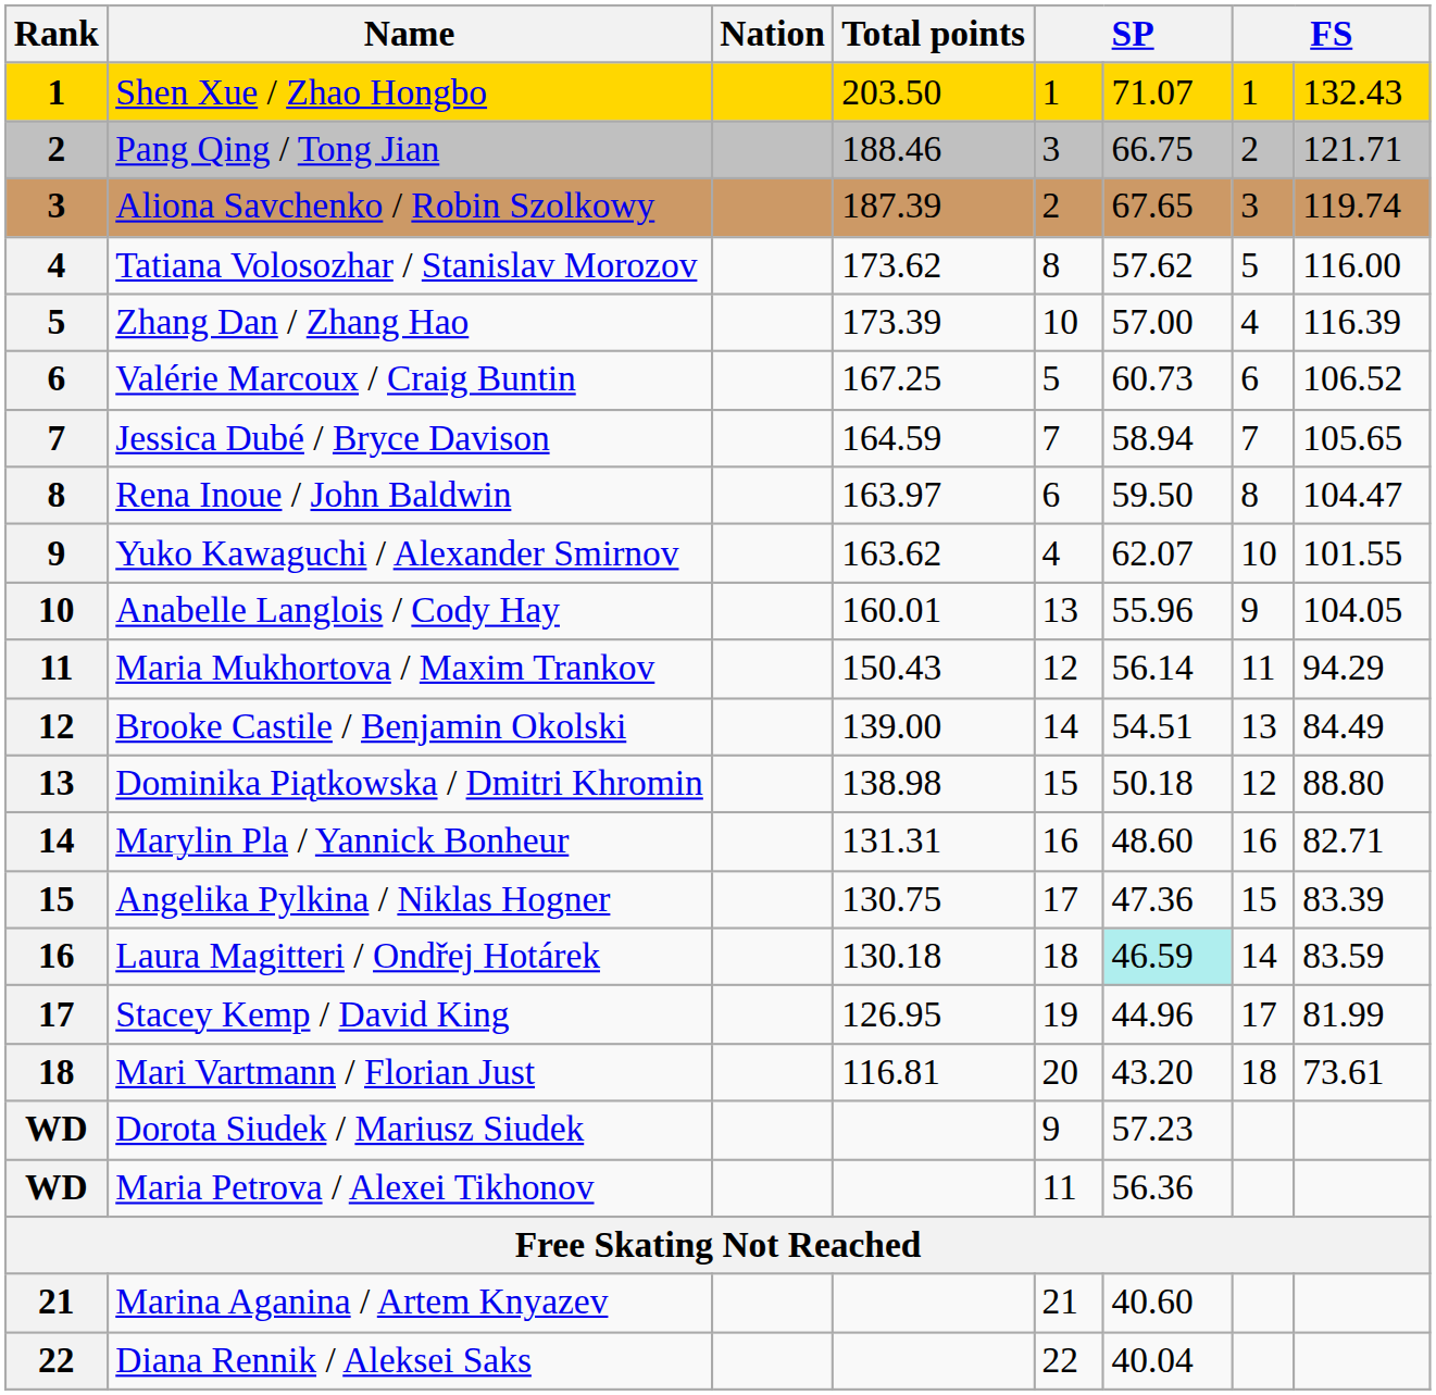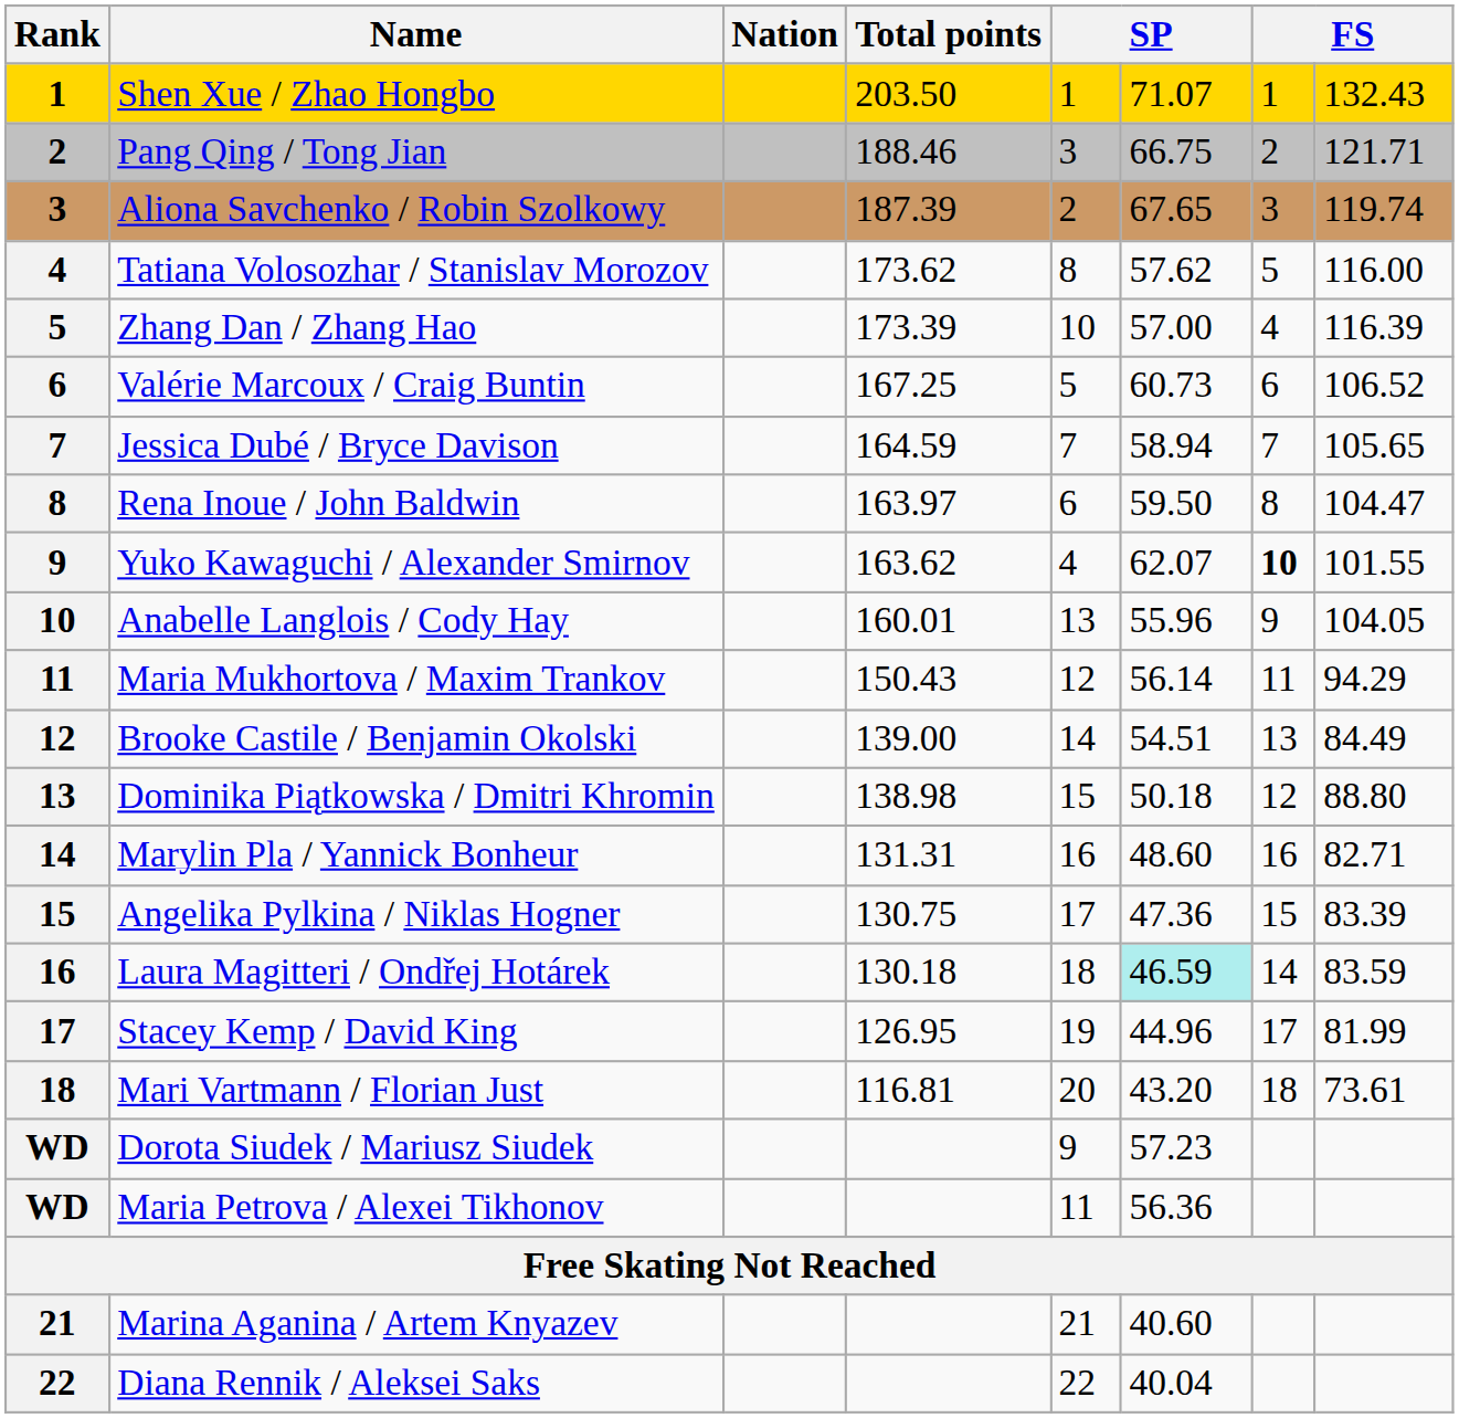 <table class="wikitable">
 <tr>
 <th>Rank</th>
 <th>Name</th>
 <th>Nation</th>
 <th>Total points</th>
 <th colspan="2" width="80px"><a href='#'>SP</a></th>
 <th colspan="2" width="80px"><a href='#'>FS</a></th>
 </tr>
 <tr bgcolor=gold>
 <td align=center><strong>1</strong></td>
 <td><a href='#'>Shen Xue</a> / <a href='#'>Zhao Hongbo</a></td>
 <td></td>
 <td>203.50</td>
 <td>1</td>
 <td>71.07</td>
 <td>1</td>
 <td>132.43</td>
 </tr>
 <tr bgcolor=silver>
 <td align=center><strong>2</strong></td>
 <td><a href='#'>Pang Qing</a> / <a href='#'>Tong Jian</a></td>
 <td></td>
 <td>188.46</td>
 <td>3</td>
 <td>66.75</td>
 <td>2</td>
 <td>121.71</td>
 </tr>
 <tr bgcolor=cc9966>
 <td align=center><strong>3</strong></td>
 <td><a href='#'>Aliona Savchenko</a> / <a href='#'>Robin Szolkowy</a></td>
 <td></td>
 <td>187.39</td>
 <td>2</td>
 <td>67.65</td>
 <td>3</td>
 <td>119.74</td>
 </tr>
 <tr>
 <th>4</th>
 <td><a href='#'>Tatiana Volosozhar</a> / <a href='#'>Stanislav Morozov</a></td>
 <td></td>
 <td>173.62</td>
 <td>8</td>
 <td>57.62</td>
 <td>5</td>
 <td>116.00</td>
 </tr>
 <tr>
 <th>5</th>
 <td><a href='#'>Zhang Dan</a> / <a href='#'>Zhang Hao</a></td>
 <td></td>
 <td>173.39</td>
 <td>10</td>
 <td>57.00</td>
 <td>4</td>
 <td>116.39</td>
 </tr>
 <tr>
 <th>6</th>
 <td><a href='#'>Valérie Marcoux</a> / <a href='#'>Craig Buntin</a></td>
 <td></td>
 <td>167.25</td>
 <td>5</td>
 <td>60.73</td>
 <td>6</td>
 <td>106.52</td>
 </tr>
 <tr>
 <th>7</th>
 <td><a href='#'>Jessica Dubé</a> / <a href='#'>Bryce Davison</a></td>
 <td></td>
 <td>164.59</td>
 <td>7</td>
 <td>58.94</td>
 <td>7</td>
 <td>105.65</td>
 </tr>
 <tr>
 <th>8</th>
 <td><a href='#'>Rena Inoue</a> / <a href='#'>John Baldwin</a></td>
 <td></td>
 <td>163.97</td>
 <td>6</td>
 <td>59.50</td>
 <td>8</td>
 <td>104.47</td>
 </tr>
 <tr>
 <th>9</th>
 <td><a href='#'>Yuko Kawaguchi</a> / <a href='#'>Alexander Smirnov</a></td>
 <td></td>
 <td>163.62</td>
 <td>4</td>
 <td>62.07</td>
-<td>10</td>
+<td><strong>10</strong></td>
 <td>101.55</td>
 </tr>
 <tr>
 <th>10</th>
 <td><a href='#'>Anabelle Langlois</a> / <a href='#'>Cody Hay</a></td>
 <td></td>
 <td>160.01</td>
 <td>13</td>
 <td>55.96</td>
 <td>9</td>
 <td>104.05</td>
 </tr>
 <tr>
 <th>11</th>
 <td><a href='#'>Maria Mukhortova</a> / <a href='#'>Maxim Trankov</a></td>
 <td></td>
 <td>150.43</td>
 <td>12</td>
 <td>56.14</td>
 <td>11</td>
 <td>94.29</td>
 </tr>
 <tr>
 <th>12</th>
 <td><a href='#'>Brooke Castile</a> / <a href='#'>Benjamin Okolski</a></td>
 <td></td>
 <td>139.00</td>
 <td>14</td>
 <td>54.51</td>
 <td>13</td>
 <td>84.49</td>
 </tr>
 <tr>
 <th>13</th>
 <td><a href='#'>Dominika Piątkowska</a> / <a href='#'>Dmitri Khromin</a></td>
 <td></td>
 <td>138.98</td>
 <td>15</td>
 <td>50.18</td>
 <td>12</td>
 <td>88.80</td>
 </tr>
 <tr>
 <th>14</th>
 <td><a href='#'>Marylin Pla</a> / <a href='#'>Yannick Bonheur</a></td>
 <td></td>
 <td>131.31</td>
 <td>16</td>
 <td>48.60</td>
 <td>16</td>
 <td>82.71</td>
 </tr>
 <tr>
 <th>15</th>
 <td><a href='#'>Angelika Pylkina</a> / <a href='#'>Niklas Hogner</a></td>
 <td></td>
 <td>130.75</td>
 <td>17</td>
 <td>47.36</td>
 <td>15</td>
 <td>83.39</td>
 </tr>
 <tr>
 <th>16</th>
 <td><a href='#'>Laura Magitteri</a> / <a href='#'>Ondřej Hotárek</a></td>
 <td></td>
 <td>130.18</td>
 <td>18</td>
 <td style="background: paleturquoise;">46.59</td>
 <td>14</td>
 <td>83.59</td>
 </tr>
 <tr>
 <th>17</th>
 <td><a href='#'>Stacey Kemp</a> / <a href='#'>David King</a></td>
 <td></td>
 <td>126.95</td>
 <td>19</td>
 <td>44.96</td>
 <td>17</td>
 <td>81.99</td>
 </tr>
 <tr>
 <th>18</th>
 <td><a href='#'>Mari Vartmann</a> / <a href='#'>Florian Just</a></td>
 <td></td>
 <td>116.81</td>
 <td>20</td>
 <td>43.20</td>
 <td>18</td>
 <td>73.61</td>
 </tr>
 <tr>
 <th>WD</th>
 <td><a href='#'>Dorota Siudek</a> / <a href='#'>Mariusz Siudek</a></td>
 <td></td>
 <td></td>
 <td>9</td>
 <td>57.23</td>
 <td></td>
 <td></td>
 </tr>
 <tr>
 <th>WD</th>
 <td><a href='#'>Maria Petrova</a> / <a href='#'>Alexei Tikhonov</a></td>
 <td></td>
 <td></td>
 <td>11</td>
 <td>56.36</td>
 <td></td>
 <td></td>
 </tr>
 <tr>
 <th colspan=8>Free Skating Not Reached</th>
 </tr>
 <tr>
 <th>21</th>
 <td><a href='#'>Marina Aganina</a> / <a href='#'>Artem Knyazev</a></td>
 <td></td>
 <td></td>
 <td>21</td>
 <td>40.60</td>
 <td></td>
 <td></td>
 </tr>
 <tr>
 <th>22</th>
 <td><a href='#'>Diana Rennik</a> / <a href='#'>Aleksei Saks</a></td>
 <td></td>
 <td></td>
 <td>22</td>
 <td>40.04</td>
 <td></td>
 <td></td>
 </tr>
 </table>
